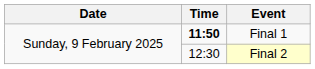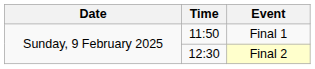 <table class = "wikitable" style="text-align:center;">
 <tr>
 <th width=220>Date</th>
 <th width=50>Time</th>
 <th width=100>Event</th>
 </tr>
 <tr>
 <td rowspan=2>Sunday, 9 February 2025</td>
-<td><strong>11:50</strong></td>
+<td>11:50</td>
 <td>Final 1</td>
 </tr>
 <tr>
 <td>12:30</td>
 <td bgcolor=ffffcc>Final 2</td>
 </tr>
 </table>
